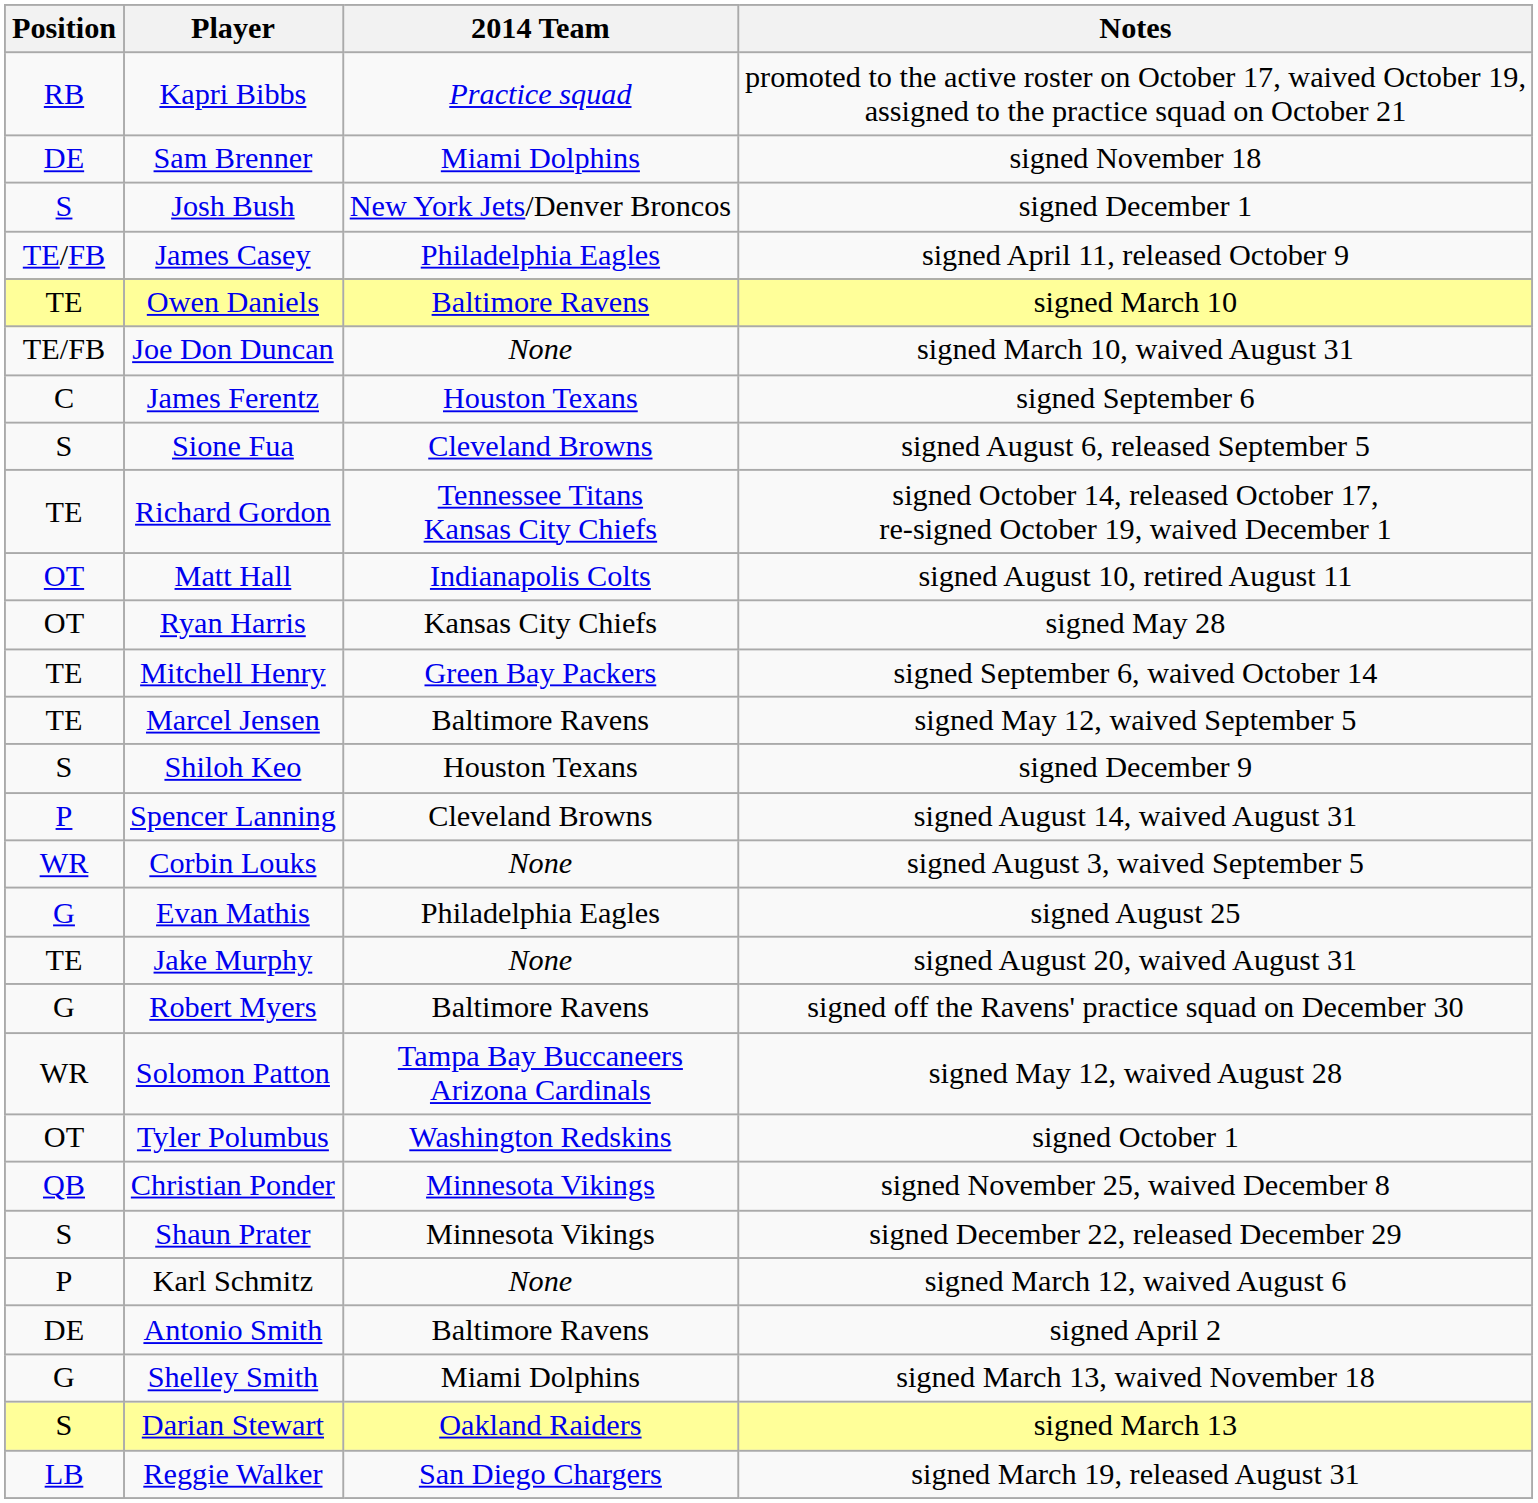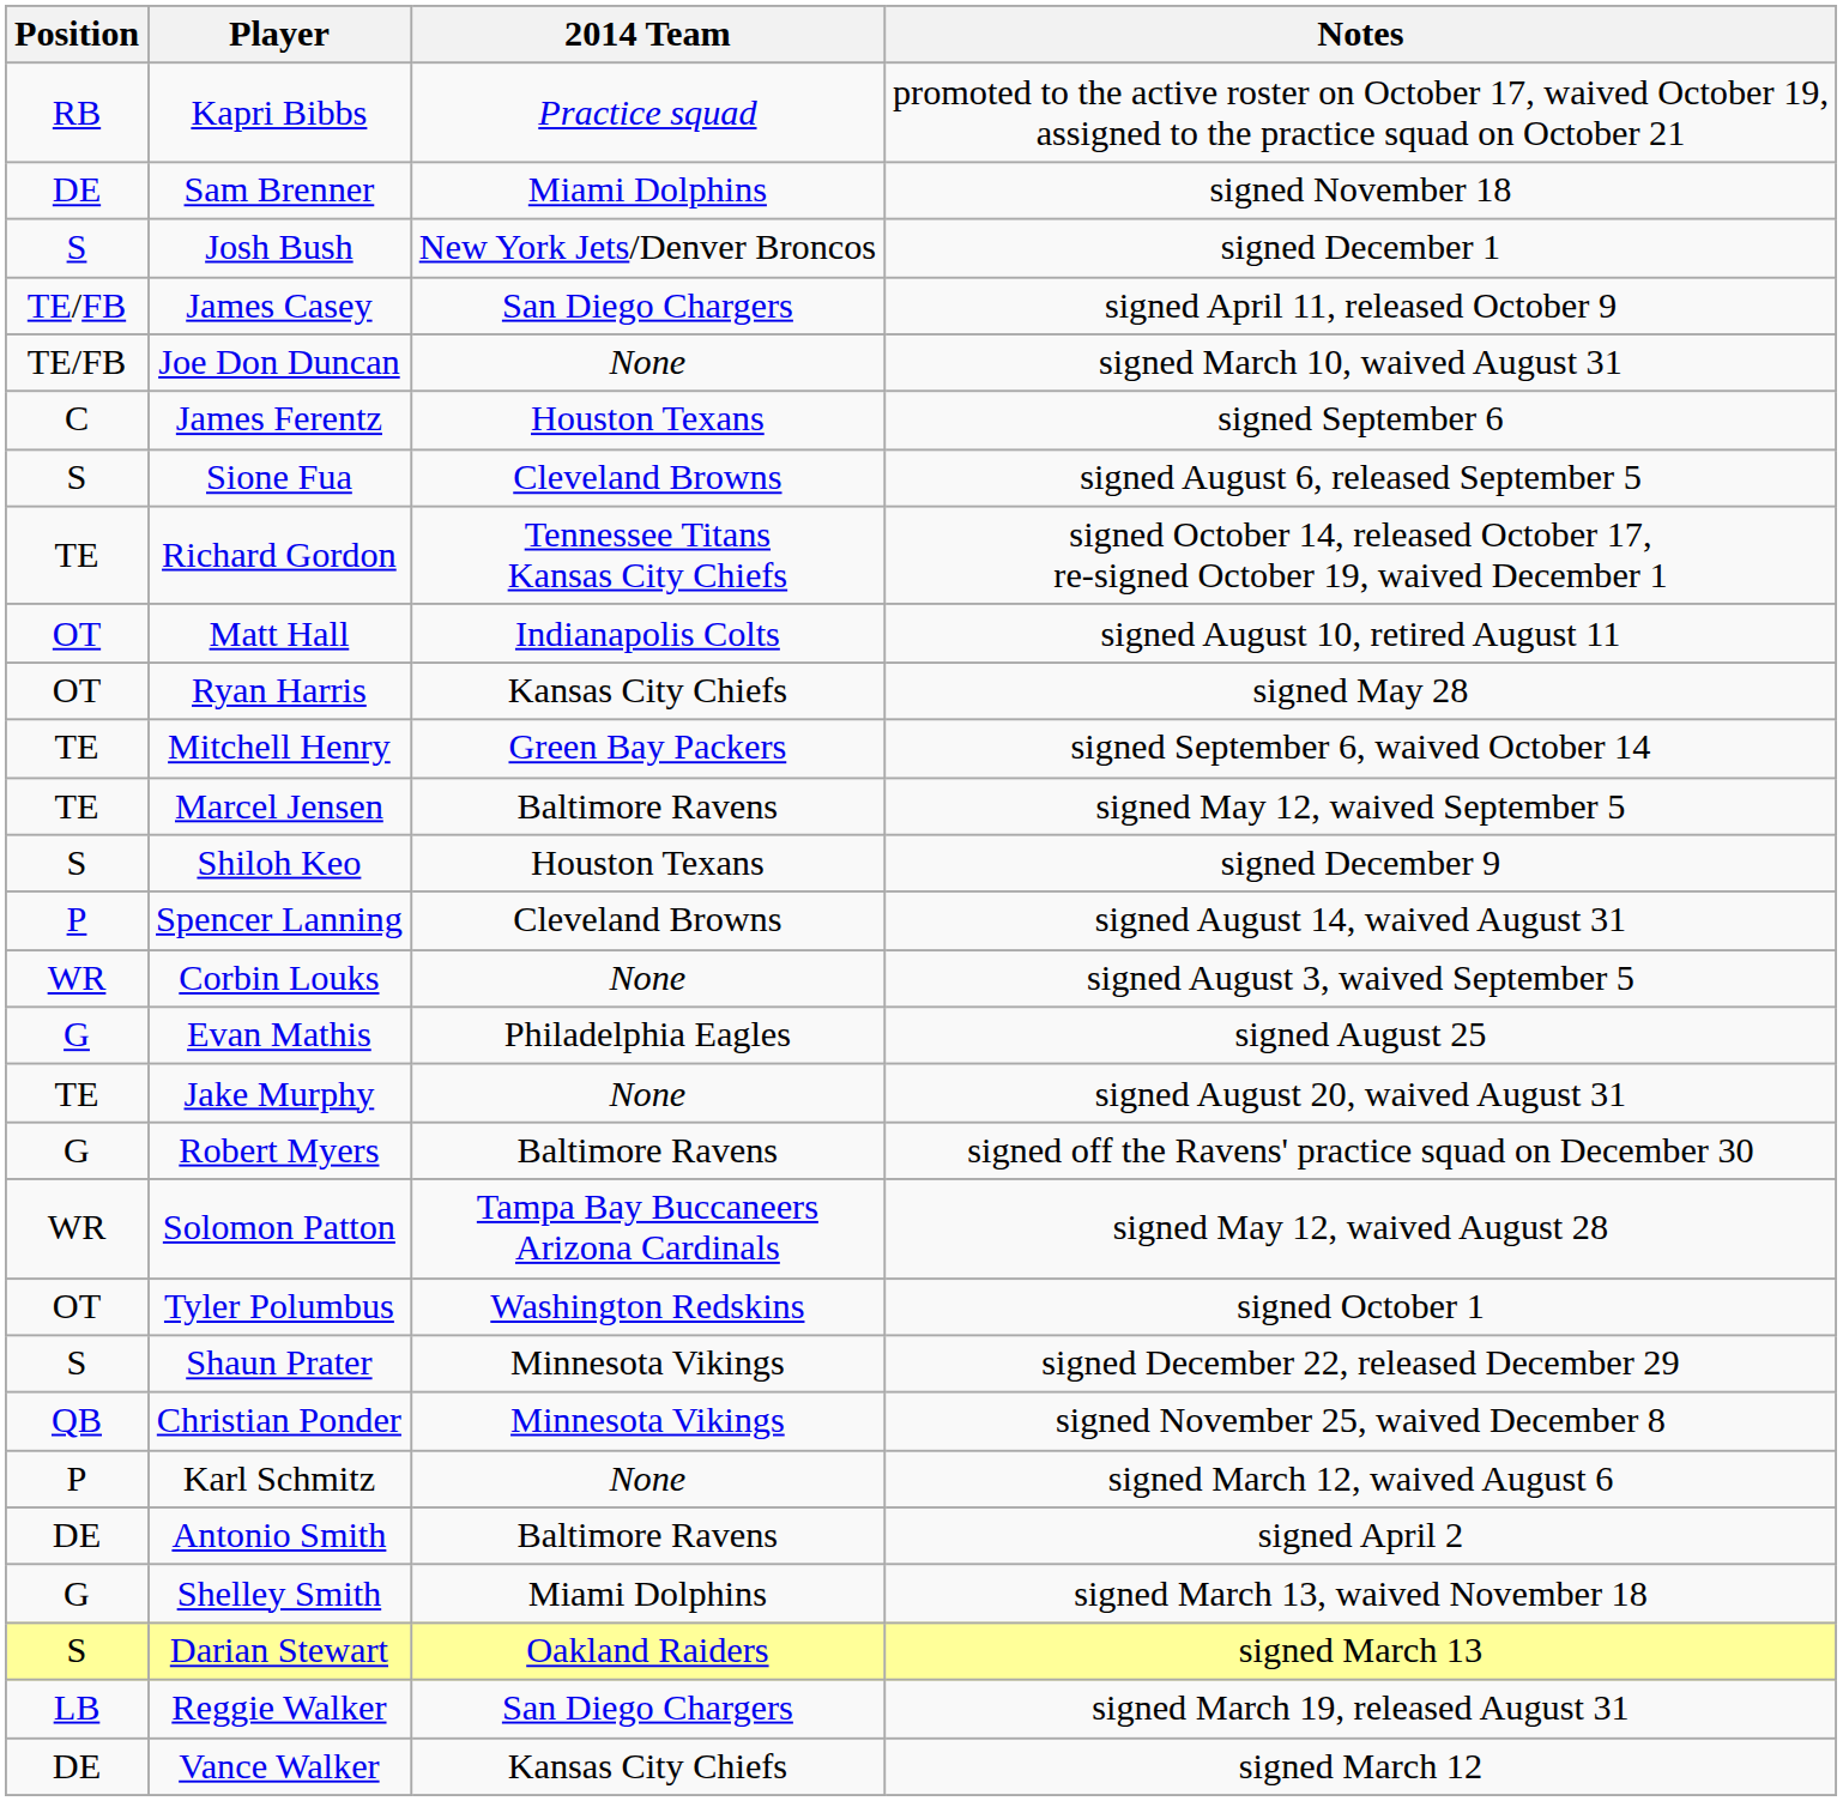 <table class="wikitable" style="text-align:center">
 <tr>
 <th>Position</th>
 <th>Player</th>
 <th>2014 Team</th>
 <th>Notes</th>
 </tr>
 <tr>
 <td><a href='#'>RB</a></td>
 <td><a href='#'>Kapri Bibbs</a></td>
 <td><em><a href='#'>Practice squad</a></em></td>
 <td>promoted to the active roster on October 17, waived October 19,<br>assigned to the practice squad on October 21</td>
 </tr>
 <tr>
 <td><a href='#'>DE</a></td>
 <td><a href='#'>Sam Brenner</a></td>
 <td><a href='#'>Miami Dolphins</a></td>
 <td>signed November 18</td>
 </tr>
 <tr>
 <td><a href='#'>S</a></td>
 <td><a href='#'>Josh Bush</a></td>
 <td><a href='#'>New York Jets</a>/Denver Broncos</td>
 <td>signed December 1</td>
 </tr>
 <tr>
 <td><a href='#'>TE</a>/<a href='#'>FB</a></td>
 <td><a href='#'>James Casey</a></td>
-<td><a href='#'>Philadelphia Eagles</a></td>
+<td><a href='#'>San Diego Chargers</a></td>
 <td>signed April 11, released October 9</td>
-</tr>
-<tr style="background:#ff9;">
-<td>TE</td>
-<td><a href='#'>Owen Daniels</a></td>
-<td><a href='#'>Baltimore Ravens</a></td>
-<td>signed March 10</td>
 </tr>
 <tr>
 <td>TE/FB</td>
 <td><a href='#'>Joe Don Duncan</a></td>
 <td><em>None</em></td>
 <td>signed March 10, waived August 31</td>
 </tr>
 <tr>
 <td>C</td>
 <td><a href='#'>James Ferentz</a></td>
 <td><a href='#'>Houston Texans</a></td>
 <td>signed September 6</td>
 </tr>
 <tr>
 <td>S</td>
 <td><a href='#'>Sione Fua</a></td>
 <td><a href='#'>Cleveland Browns</a></td>
 <td>signed August 6, released September 5</td>
 </tr>
 <tr>
 <td>TE</td>
 <td><a href='#'>Richard Gordon</a></td>
 <td><a href='#'>Tennessee Titans</a><br><a href='#'>Kansas City Chiefs</a></td>
 <td>signed October 14, released October 17,<br>re-signed October 19, waived December 1</td>
 </tr>
 <tr>
 <td><a href='#'>OT</a></td>
 <td><a href='#'>Matt Hall</a></td>
 <td><a href='#'>Indianapolis Colts</a></td>
 <td>signed August 10, retired August 11</td>
 </tr>
 <tr>
 <td>OT</td>
 <td><a href='#'>Ryan Harris</a></td>
 <td>Kansas City Chiefs</td>
 <td>signed May 28</td>
 </tr>
 <tr>
 <td>TE</td>
 <td><a href='#'>Mitchell Henry</a></td>
 <td><a href='#'>Green Bay Packers</a></td>
 <td>signed September 6, waived October 14</td>
 </tr>
 <tr>
 <td>TE</td>
 <td><a href='#'>Marcel Jensen</a></td>
 <td>Baltimore Ravens</td>
 <td>signed May 12, waived September 5</td>
 </tr>
 <tr>
 <td>S</td>
 <td><a href='#'>Shiloh Keo</a></td>
 <td>Houston Texans</td>
 <td>signed December 9</td>
 </tr>
 <tr>
 <td><a href='#'>P</a></td>
 <td><a href='#'>Spencer Lanning</a></td>
 <td>Cleveland Browns</td>
 <td>signed August 14, waived August 31</td>
 </tr>
 <tr>
 <td><a href='#'>WR</a></td>
 <td><a href='#'>Corbin Louks</a></td>
 <td><em>None</em></td>
 <td>signed August 3, waived September 5</td>
 </tr>
 <tr>
 <td><a href='#'>G</a></td>
 <td><a href='#'>Evan Mathis</a></td>
 <td>Philadelphia Eagles</td>
 <td>signed August 25</td>
 </tr>
 <tr>
 <td>TE</td>
 <td><a href='#'>Jake Murphy</a></td>
 <td><em>None</em></td>
 <td>signed August 20, waived August 31</td>
 </tr>
 <tr>
 <td>G</td>
 <td><a href='#'>Robert Myers</a></td>
 <td>Baltimore Ravens</td>
 <td>signed off the Ravens' practice squad on December 30</td>
 </tr>
 <tr>
 <td>WR</td>
 <td><a href='#'>Solomon Patton</a></td>
 <td><a href='#'>Tampa Bay Buccaneers</a><br><a href='#'>Arizona Cardinals</a></td>
 <td>signed May 12, waived August 28</td>
 </tr>
 <tr>
 <td>OT</td>
 <td><a href='#'>Tyler Polumbus</a></td>
 <td><a href='#'>Washington Redskins</a></td>
 <td>signed October 1</td>
 </tr>
 <tr>
+<td>S</td>
+<td><a href='#'>Shaun Prater</a></td>
+<td>Minnesota Vikings</td>
+<td>signed December 22, released December 29</td>
+</tr>
+<tr>
 <td><a href='#'>QB</a></td>
 <td><a href='#'>Christian Ponder</a></td>
 <td><a href='#'>Minnesota Vikings</a></td>
 <td>signed November 25, waived December 8</td>
-</tr>
-<tr>
-<td>S</td>
-<td><a href='#'>Shaun Prater</a></td>
-<td>Minnesota Vikings</td>
-<td>signed December 22, released December 29</td>
 </tr>
 <tr>
 <td>P</td>
 <td>Karl Schmitz</td>
 <td><em>None</em></td>
 <td>signed March 12, waived August 6</td>
 </tr>
 <tr>
 <td>DE</td>
 <td><a href='#'>Antonio Smith</a></td>
 <td>Baltimore Ravens</td>
 <td>signed April 2</td>
 </tr>
 <tr>
 <td>G</td>
 <td><a href='#'>Shelley Smith</a></td>
 <td>Miami Dolphins</td>
 <td>signed March 13, waived November 18</td>
 </tr>
 <tr style="background:#ff9;">
 <td>S</td>
 <td><a href='#'>Darian Stewart</a></td>
 <td><a href='#'>Oakland Raiders</a></td>
 <td>signed March 13</td>
 </tr>
 <tr>
 <td><a href='#'>LB</a></td>
 <td><a href='#'>Reggie Walker</a></td>
 <td><a href='#'>San Diego Chargers</a></td>
 <td>signed March 19, released August 31</td>
 </tr>
+<tr>
+<td>DE</td>
+<td><a href='#'>Vance Walker</a></td>
+<td>Kansas City Chiefs</td>
+<td>signed March 12</td>
+</tr>
 </table>
